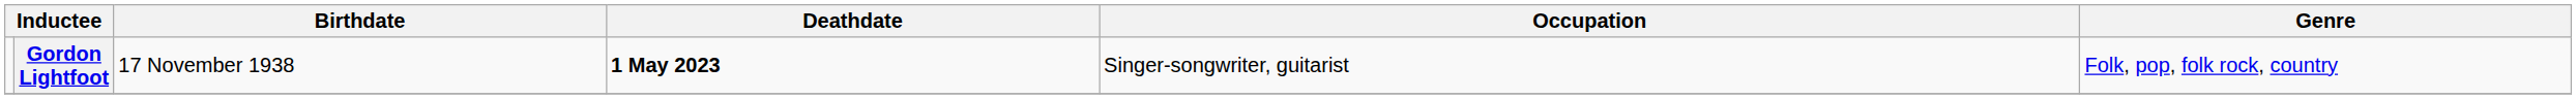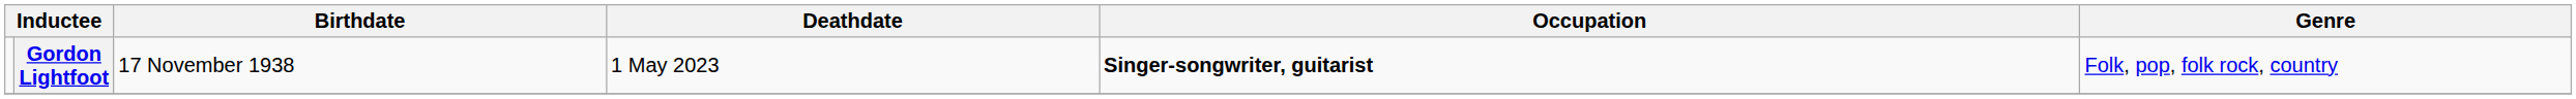 <table class="wikitable" width="100%">
 <tr>
 <th colspan=2>Inductee</th>
 <th width="20%">Birthdate</th>
 <th width="20%">Deathdate</th>
 <th width="40%">Occupation</th>
 <th width="40%">Genre</th>
 </tr>
 <tr>
 <td></td>
 <th><a href='#'>Gordon Lightfoot</a></th>
 <td>17 November 1938</td>
-<td><strong>1 May 2023</strong></td>
-<td>Singer-songwriter, guitarist</td>
+<td>1 May 2023</td>
+<td><strong>Singer-songwriter, guitarist</strong></td>
 <td><a href='#'>Folk</a>, <a href='#'>pop</a>, <a href='#'>folk rock</a>, <a href='#'>country</a></td>
 </tr>
 <tr>
 </tr>
 </table>
